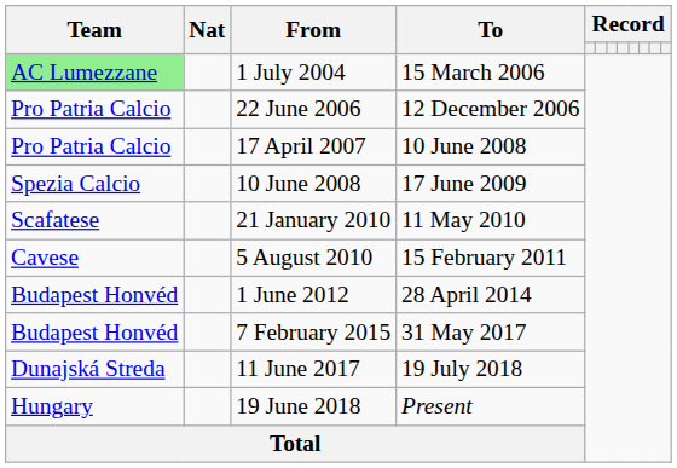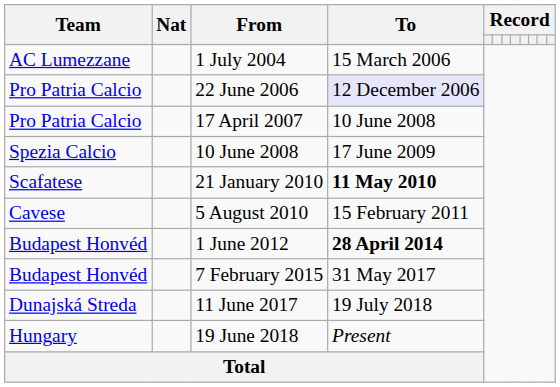 <table class="wikitable" style="text-align: center">
 <tr>
 <th rowspan="2">Team</th>
 <th rowspan="2">Nat</th>
 <th rowspan="2">From</th>
 <th rowspan="2">To</th>
 <th colspan="8">Record</th>
 </tr>
 <tr>
 <th></th>
 <th></th>
 <th></th>
 <th></th>
 <th></th>
 <th></th>
 <th></th>
 <th></th>
 </tr>
 <tr>
-<td align=left style="background: lightgreen;"><a href='#'>AC Lumezzane</a></td>
+<td align=left><a href='#'>AC Lumezzane</a></td>
 <td></td>
 <td align=left>1 July 2004</td>
 <td align=left>15 March 2006<br></td>
 </tr>
 <tr>
 <td align=left><a href='#'>Pro Patria Calcio</a></td>
 <td></td>
 <td align=left>22 June 2006</td>
-<td align=left>12 December 2006<br></td>
+<td align=left style="background: lavender;">12 December 2006<br></td>
 </tr>
 <tr>
 <td align=left><a href='#'>Pro Patria Calcio</a></td>
 <td></td>
 <td align=left>17 April 2007</td>
 <td align=left>10 June 2008<br></td>
 </tr>
 <tr>
 <td align=left><a href='#'>Spezia Calcio</a></td>
 <td></td>
 <td align=left>10 June 2008</td>
 <td align=left>17 June 2009<br></td>
 </tr>
 <tr>
 <td align=left><a href='#'>Scafatese</a></td>
 <td></td>
 <td align=left>21 January 2010</td>
-<td align=left>11 May 2010<br></td>
+<td align=left><strong>11 May 2010<br></strong></td>
 </tr>
 <tr>
 <td align=left><a href='#'>Cavese</a></td>
 <td></td>
 <td align=left>5 August 2010</td>
 <td align=left>15 February 2011<br></td>
 </tr>
 <tr>
 <td align=left><a href='#'>Budapest Honvéd</a></td>
 <td></td>
 <td align=left>1 June 2012</td>
-<td align=left>28 April 2014<br></td>
+<td align=left><strong>28 April 2014<br></strong></td>
 </tr>
 <tr>
 <td align=left><a href='#'>Budapest Honvéd</a></td>
 <td></td>
 <td align=left>7 February 2015</td>
 <td align=left>31 May 2017<br></td>
 </tr>
 <tr>
 <td align=left><a href='#'>Dunajská Streda</a></td>
 <td></td>
 <td align=left>11 June 2017</td>
 <td align=left>19 July 2018<br></td>
 </tr>
 <tr>
 <td align=left><a href='#'>Hungary</a></td>
 <td></td>
 <td align=left>19 June 2018</td>
 <td align=left><em>Present</em><br></td>
 </tr>
 <tr>
 <th colspan="4">Total<br></th>
 </tr>
 </table>
